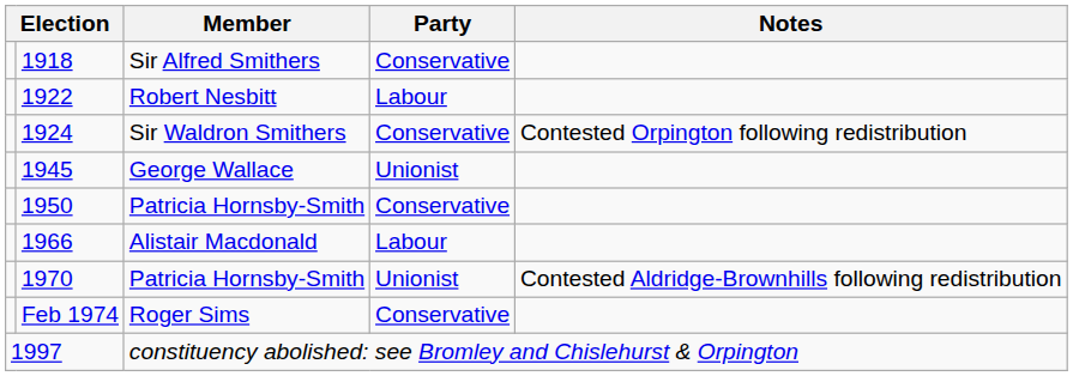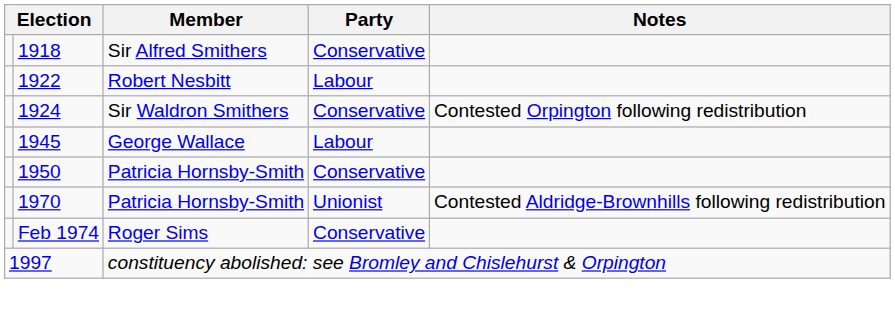 <table class="wikitable">
 <tr>
 <th colspan="2">Election</th>
 <th>Member</th>
 <th>Party</th>
 <th>Notes</th>
 </tr>
 <tr>
 <td style="color:inherit;background-color: "></td>
 <td><a href='#'>1918</a></td>
 <td>Sir <a href='#'>Alfred Smithers</a></td>
 <td><a href='#'>Conservative</a></td>
 <td></td>
 </tr>
 <tr>
 <td style="color:inherit;background-color: "></td>
 <td><a href='#'>1922</a></td>
 <td><a href='#'>Robert Nesbitt</a></td>
 <td><a href='#'>Labour</a></td>
 <td></td>
 </tr>
 <tr>
 <td style="color:inherit;background-color: "></td>
 <td><a href='#'>1924</a></td>
 <td>Sir <a href='#'>Waldron Smithers</a></td>
 <td><a href='#'>Conservative</a></td>
 <td>Contested <a href='#'>Orpington</a> following redistribution</td>
 </tr>
 <tr>
 <td style="color:inherit;background-color: "></td>
 <td><a href='#'>1945</a></td>
 <td><a href='#'>George Wallace</a></td>
-<td><a href='#'>Unionist</a></td>
+<td><a href='#'>Labour</a></td>
 <td></td>
 </tr>
 <tr>
 <td style="color:inherit;background-color: "></td>
 <td><a href='#'>1950</a></td>
 <td><a href='#'>Patricia Hornsby-Smith</a></td>
 <td><a href='#'>Conservative</a></td>
-<td></td>
-</tr>
-<tr>
-<td style="color:inherit;background-color: "></td>
-<td><a href='#'>1966</a></td>
-<td><a href='#'>Alistair Macdonald</a></td>
-<td><a href='#'>Labour</a></td>
 <td></td>
 </tr>
 <tr>
 <td style="color:inherit;background-color: "></td>
 <td><a href='#'>1970</a></td>
 <td><a href='#'>Patricia Hornsby-Smith</a></td>
 <td><a href='#'>Unionist</a></td>
 <td>Contested <a href='#'>Aldridge-Brownhills</a> following redistribution</td>
 </tr>
 <tr>
 <td style="color:inherit;background-color: "></td>
 <td><a href='#'>Feb 1974</a></td>
 <td><a href='#'>Roger Sims</a></td>
 <td><a href='#'>Conservative</a></td>
 <td></td>
 </tr>
 <tr>
 <td colspan="2"><a href='#'>1997</a></td>
 <td colspan="3"><em>constituency abolished: see <a href='#'>Bromley and Chislehurst</a> & <a href='#'>Orpington</a></em></td>
 </tr>
 </table>
